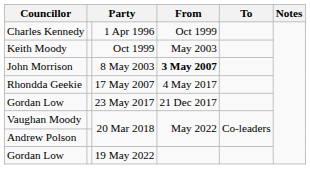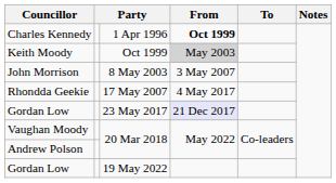 <table class=wikitable>
 <tr>
 <th>Councillor</th>
 <th colspan=2>Party</th>
 <th>From</th>
 <th>To</th>
 <th>Notes</th>
 </tr>
 <tr>
 <td>Charles Kennedy</td>
 <td></td>
 <td align=right>1 Apr 1996</td>
-<td align=right>Oct 1999</td>
+<td align=right><strong>Oct 1999</strong></td>
 <td></td>
 </tr>
 <tr>
 <td>Keith Moody</td>
 <td></td>
 <td align=right>Oct 1999</td>
-<td align=right>May 2003</td>
+<td align=right style="background: lightgrey;">May 2003</td>
 <td></td>
 </tr>
 <tr>
 <td>John Morrison</td>
 <td></td>
 <td align=right>8 May 2003</td>
-<td align=right><strong>3 May 2007</strong></td>
+<td align=right>3 May 2007</td>
 <td></td>
 </tr>
 <tr>
 <td>Rhondda Geekie</td>
 <td></td>
 <td align=right>17 May 2007</td>
 <td align=right>4 May 2017</td>
 <td></td>
 </tr>
 <tr>
 <td>Gordan Low</td>
 <td></td>
 <td align=right>23 May 2017</td>
-<td align=right>21 Dec 2017</td>
+<td align=right style="background: lavender;">21 Dec 2017</td>
 <td></td>
 </tr>
 <tr>
 <td>Vaughan Moody</td>
 <td></td>
 <td rowspan=2 align=right>20 Mar 2018</td>
 <td rowspan=2 align=right>May 2022</td>
 <td align=left rowspan=2>Co-leaders</td>
 </tr>
 <tr>
 <td>Andrew Polson</td>
 <td></td>
 </tr>
 <tr>
 <td>Gordan Low</td>
 <td></td>
 <td align=right>19 May 2022</td>
 <td align=right></td>
 <td></td>
 </tr>
 </table>
